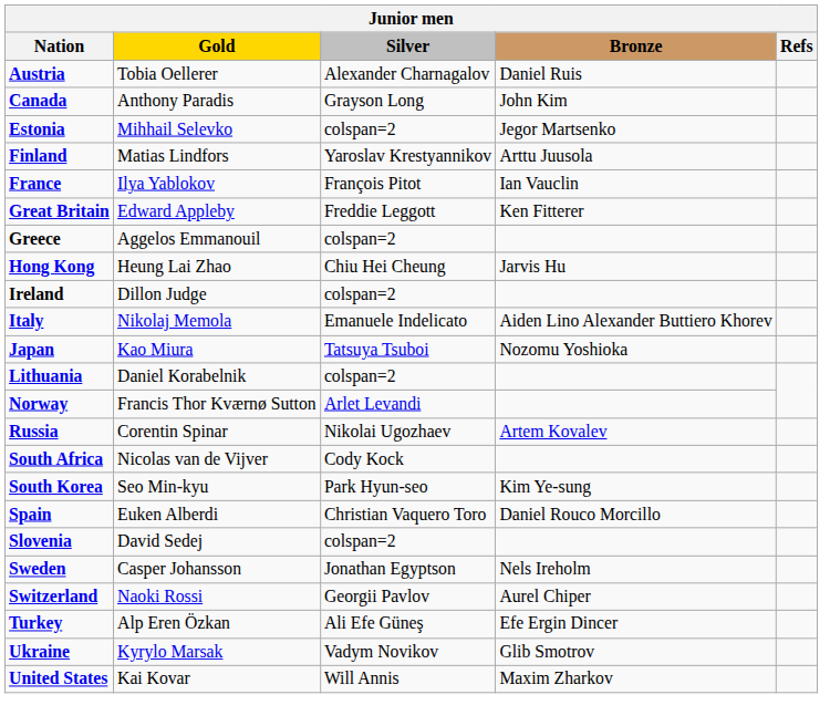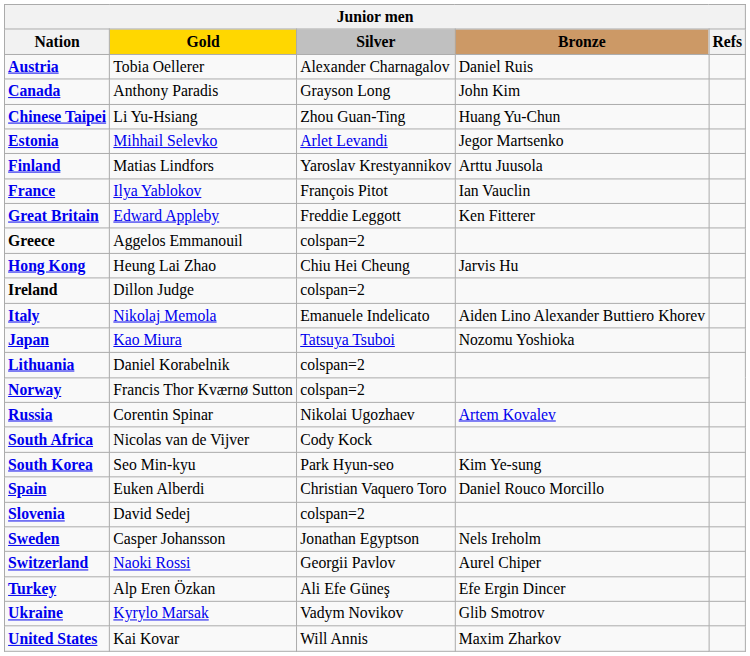 <table class="wikitable">
 <tr>
 <th colspan=5>Junior men</th>
 </tr>
 <tr>
 <th>Nation</th>
 <td style="text-align:center; background:gold;"><strong>Gold</strong></td>
 <td style="text-align:center; background:silver;"><strong>Silver</strong></td>
 <td style="text-align:center; background:#c96;"><strong>Bronze</strong></td>
 <th>Refs</th>
 </tr>
 <tr>
 <td><strong> <a href='#'>Austria</a></strong></td>
 <td>Tobia Oellerer</td>
 <td>Alexander Charnagalov</td>
 <td>Daniel Ruis</td>
 <td></td>
 </tr>
 <tr>
 <td><strong> <a href='#'>Canada</a></strong></td>
 <td>Anthony Paradis</td>
 <td>Grayson Long</td>
 <td>John Kim</td>
 <td></td>
 </tr>
 <tr>
+<td><strong> <a href='#'>Chinese Taipei</a></strong></td>
+<td>Li Yu-Hsiang</td>
+<td>Zhou Guan-Ting</td>
+<td>Huang Yu-Chun</td>
+<td></td>
+</tr>
+<tr>
 <td><strong> <a href='#'>Estonia</a></strong></td>
 <td><a href='#'>Mihhail Selevko</a></td>
-<td>colspan=2 </td>
+<td><a href='#'>Arlet Levandi</a></td>
 <td>Jegor Martsenko</td>
 <td></td>
 </tr>
 <tr>
 <td><strong> <a href='#'>Finland</a></strong></td>
 <td>Matias Lindfors</td>
 <td>Yaroslav Krestyannikov</td>
 <td>Arttu Juusola</td>
 <td></td>
 </tr>
 <tr>
 <td><strong> <a href='#'>France</a></strong></td>
 <td><a href='#'>Ilya Yablokov</a></td>
 <td>François Pitot</td>
 <td>Ian Vauclin</td>
 <td></td>
 </tr>
 <tr>
 <td><strong> <a href='#'>Great Britain</a></strong></td>
 <td><a href='#'>Edward Appleby</a></td>
 <td>Freddie Leggott</td>
 <td>Ken Fitterer</td>
 <td></td>
 </tr>
 <tr>
 <td><strong> Greece</strong></td>
 <td>Aggelos Emmanouil</td>
 <td>colspan=2 </td>
 <td></td>
 </tr>
 <tr>
 <td><strong> <a href='#'>Hong Kong</a></strong></td>
 <td>Heung Lai Zhao</td>
 <td>Chiu Hei Cheung</td>
 <td>Jarvis Hu</td>
 <td></td>
 </tr>
 <tr>
 <td><strong> Ireland</strong></td>
 <td>Dillon Judge</td>
 <td>colspan=2 </td>
 <td></td>
 </tr>
 <tr>
 <td><strong> <a href='#'>Italy</a></strong></td>
 <td><a href='#'>Nikolaj Memola</a></td>
 <td>Emanuele Indelicato</td>
 <td>Aiden Lino Alexander Buttiero Khorev</td>
 <td></td>
 </tr>
 <tr>
 <td><strong> <a href='#'>Japan</a></strong></td>
 <td><a href='#'>Kao Miura</a></td>
 <td><a href='#'>Tatsuya Tsuboi</a></td>
 <td>Nozomu Yoshioka</td>
 <td></td>
 </tr>
 <tr>
 <td><strong> <a href='#'>Lithuania</a></strong></td>
 <td>Daniel Korabelnik</td>
 <td>colspan=2 </td>
 <td></td>
 </tr>
 <tr>
 <td><strong> <a href='#'>Norway</a></strong></td>
 <td>Francis Thor Kværnø Sutton</td>
-<td><a href='#'>Arlet Levandi</a></td>
+<td>colspan=2 </td>
 <td></td>
 </tr>
 <tr>
 <td><strong> <a href='#'>Russia</a></strong></td>
 <td>Corentin Spinar</td>
 <td>Nikolai Ugozhaev</td>
 <td><a href='#'>Artem Kovalev</a></td>
 <td></td>
 </tr>
 <tr>
 <td><strong> <a href='#'>South Africa</a></strong></td>
 <td>Nicolas van de Vijver</td>
 <td>Cody Kock</td>
 <td></td>
 <td></td>
 </tr>
 <tr>
 <td><strong> <a href='#'>South Korea</a></strong></td>
 <td>Seo Min-kyu</td>
 <td>Park Hyun-seo</td>
 <td>Kim Ye-sung</td>
 <td></td>
 </tr>
 <tr>
 <td><strong> <a href='#'>Spain</a></strong></td>
 <td>Euken Alberdi</td>
 <td>Christian Vaquero Toro</td>
 <td>Daniel Rouco Morcillo</td>
 <td></td>
 </tr>
 <tr>
 <td><strong> <a href='#'>Slovenia</a></strong></td>
 <td>David Sedej</td>
 <td>colspan=2 </td>
 <td></td>
 </tr>
 <tr>
 <td><strong> <a href='#'>Sweden</a></strong></td>
 <td>Casper Johansson</td>
 <td>Jonathan Egyptson</td>
 <td>Nels Ireholm</td>
 <td></td>
 </tr>
 <tr>
 <td><strong> <a href='#'>Switzerland</a></strong></td>
 <td><a href='#'>Naoki Rossi</a></td>
 <td>Georgii Pavlov</td>
 <td>Aurel Chiper</td>
 <td></td>
 </tr>
 <tr>
 <td><strong> <a href='#'>Turkey</a></strong></td>
 <td>Alp Eren Özkan</td>
 <td>Ali Efe Güneş</td>
 <td>Efe Ergin Dincer</td>
 <td></td>
 </tr>
 <tr>
 <td><strong> <a href='#'>Ukraine</a></strong></td>
 <td><a href='#'>Kyrylo Marsak</a></td>
 <td>Vadym Novikov</td>
 <td>Glib Smotrov</td>
 <td></td>
 </tr>
 <tr>
 <td><strong> <a href='#'>United States</a></strong></td>
 <td>Kai Kovar</td>
 <td>Will Annis</td>
 <td>Maxim Zharkov</td>
 <td></td>
 </tr>
 </table>
